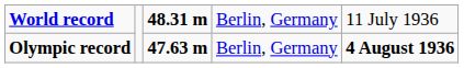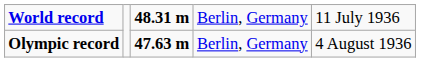 <table class="wikitable">
 <tr>
 <td><strong><a href='#'>World record</a></strong></td>
 <td rowspan=2></td>
 <td><strong>48.31 m</strong></td>
 <td><a href='#'>Berlin</a>, <a href='#'>Germany</a></td>
 <td>11 July 1936</td>
 </tr>
 <tr>
 <td><strong>Olympic record</strong></td>
 <td><strong>47.63 m</strong></td>
 <td><a href='#'>Berlin</a>, <a href='#'>Germany</a></td>
-<td><strong>4 August 1936</strong></td>
+<td>4 August 1936</td>
 </tr>
 </table>
